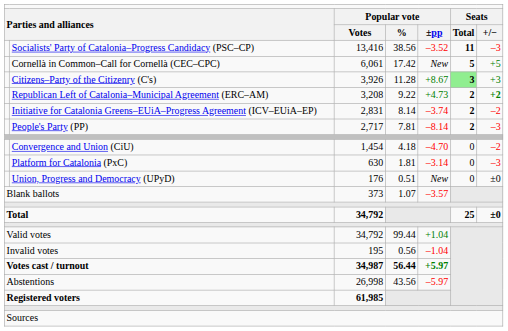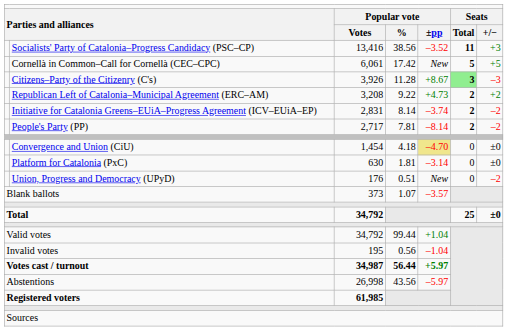 <table class="wikitable" style="text-align:right;">
 <tr>
 <td colspan="7"></td>
 </tr>
 <tr>
 <th style="text-align:left;" rowspan="2" colspan="2" width="525">Parties and alliances</th>
 <th colspan="3">Popular vote</th>
 <th colspan="2">Seats</th>
 </tr>
 <tr>
 <th width="75">Votes</th>
 <th width="45">%</th>
 <th width="45">±<a href='#'>pp</a></th>
 <th width="35">Total</th>
 <th width="35">+/−</th>
 </tr>
 <tr>
 <td width="1" style="color:inherit;background:"></td>
 <td align="left"><a href='#'>Socialists' Party of Catalonia–Progress Candidacy</a> (PSC–CP)</td>
 <td>13,416</td>
 <td>38.56</td>
 <td style="color:red;">–3.52</td>
 <td><strong>11</strong></td>
-<td style="color:red;">–3</td>
+<td style="color:green;">+3</td>
 </tr>
 <tr>
 <td style="color:inherit;background:"></td>
 <td align="left">Cornellà in Common–Call for Cornellà (CEC–CPC)</td>
 <td>6,061</td>
 <td>17.42</td>
 <td><em>New</em></td>
 <td><strong>5</strong></td>
 <td style="color:green;">+5</td>
 </tr>
 <tr>
 <td style="color:inherit;background:"></td>
 <td align="left"><a href='#'>Citizens–Party of the Citizenry</a> (C's)</td>
 <td>3,926</td>
 <td>11.28</td>
 <td style="color:green;">+8.67</td>
 <td style="background: lightgreen;"><strong>3</strong></td>
-<td style="color:green;">+3</td>
+<td style="color:red;">–3</td>
 </tr>
 <tr>
 <td style="color:inherit;background:"></td>
 <td align="left"><a href='#'>Republican Left of Catalonia–Municipal Agreement</a> (ERC–AM)</td>
 <td>3,208</td>
 <td>9.22</td>
 <td style="color:green;">+4.73</td>
 <td><strong>2</strong></td>
-<td style="color:green;"><strong>+2</strong></td>
+<td style="color:green;">+2</td>
 </tr>
 <tr>
 <td style="color:inherit;background:"></td>
 <td align="left"><a href='#'>Initiative for Catalonia Greens–EUiA–Progress Agreement</a> (ICV–EUiA–EP)</td>
 <td>2,831</td>
 <td>8.14</td>
 <td style="color:red;">–3.74</td>
 <td><strong>2</strong></td>
 <td style="color:red;">–2</td>
 </tr>
 <tr>
 <td style="color:inherit;background:"></td>
 <td align="left"><a href='#'>People's Party</a> (PP)</td>
 <td>2,717</td>
 <td>7.81</td>
 <td style="color:red;">–8.14</td>
 <td><strong>2</strong></td>
-<td style="color:red;">–3</td>
+<td style="color:red;">–2</td>
 </tr>
 <tr>
 <td colspan="7" style="color:inherit;background:#C0C0C0"></td>
 </tr>
 <tr>
 <td style="color:inherit;background:"></td>
 <td align="left"><a href='#'>Convergence and Union</a> (CiU)</td>
 <td>1,454</td>
 <td>4.18</td>
-<td style="color:red;">–4.70</td>
+<td style="background: khaki; color:red;">–4.70</td>
 <td>0</td>
-<td style="color:red;">–2</td>
+<td>±0</td>
 </tr>
 <tr>
 <td style="color:inherit;background:"></td>
 <td align="left"><a href='#'>Platform for Catalonia</a> (PxC)</td>
 <td>630</td>
 <td>1.81</td>
 <td style="color:red;">–3.14</td>
 <td>0</td>
-<td style="color:red;">–3</td>
+<td>±0</td>
 </tr>
 <tr>
 <td style="color:inherit;background:"></td>
 <td align="left"><a href='#'>Union, Progress and Democracy</a> (UPyD)</td>
 <td>176</td>
 <td>0.51</td>
 <td><em>New</em></td>
 <td>0</td>
-<td>±0</td>
+<td style="color:red;">–2</td>
 </tr>
 <tr>
 <td align="left" colspan="2">Blank ballots</td>
 <td>373</td>
 <td>1.07</td>
 <td style="color:red;">–3.57</td>
 <td style="color:inherit;background:#E9E9E9" colspan="2"></td>
 </tr>
 <tr>
 <td colspan="7" style="color:inherit;background:#E9E9E9"></td>
 </tr>
 <tr style="font-weight:bold;">
 <td align="left" colspan="2">Total</td>
 <td>34,792</td>
 <td bgcolor="#E9E9E9" colspan="2"></td>
 <td>25</td>
 <td>±0</td>
 </tr>
 <tr>
 <td colspan="7" style="color:inherit;background:#E9E9E9"></td>
 </tr>
 <tr>
 <td align="left" colspan="2">Valid votes</td>
 <td>34,792</td>
 <td>99.44</td>
 <td style="color:green;">+1.04</td>
 <td bgcolor="#E9E9E9" colspan="2" rowspan="5"></td>
 </tr>
 <tr>
 <td align="left" colspan="2">Invalid votes</td>
 <td>195</td>
 <td>0.56</td>
 <td style="color:red;">–1.04</td>
 </tr>
 <tr style="font-weight:bold;">
 <td align="left" colspan="2">Votes cast / turnout</td>
 <td>34,987</td>
 <td>56.44</td>
 <td style="color:green;">+5.97</td>
 </tr>
 <tr>
 <td align="left" colspan="2">Abstentions</td>
 <td>26,998</td>
 <td>43.56</td>
 <td style="color:red;">–5.97</td>
 </tr>
 <tr style="font-weight:bold;">
 <td align="left" colspan="2">Registered voters</td>
 <td>61,985</td>
 <td bgcolor="#E9E9E9" colspan="2"></td>
 </tr>
 <tr>
 <td colspan="7" style="color:inherit;background:#E9E9E9"></td>
 </tr>
 <tr>
 <td align="left" colspan="7">Sources</td>
 </tr>
 </table>
